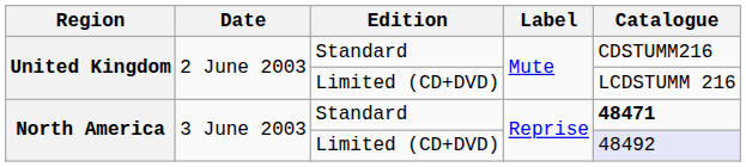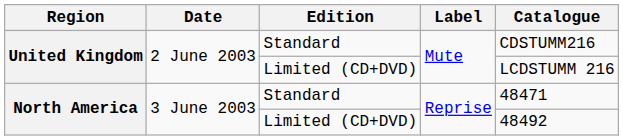 <table class="wikitable plainrowheaders">
 <tr>
 <th scope="col">Region</th>
 <th scope="col">Date</th>
 <th scope="col">Edition</th>
 <th scope="col">Label</th>
 <th scope="col">Catalogue</th>
 </tr>
 <tr>
 <th scope="row" rowspan="2">United Kingdom</th>
 <td rowspan="2">2 June 2003</td>
 <td>Standard</td>
 <td rowspan="2"><a href='#'>Mute</a></td>
 <td>CDSTUMM216</td>
 </tr>
 <tr>
 <td>Limited (CD+DVD)</td>
 <td>LCDSTUMM 216</td>
 </tr>
 <tr>
 <th scope="row" rowspan="2">North America</th>
 <td rowspan="2">3 June 2003</td>
 <td>Standard</td>
 <td rowspan="2"><a href='#'>Reprise</a></td>
-<td><strong>48471</strong></td>
+<td>48471</td>
 </tr>
 <tr>
 <td>Limited (CD+DVD)</td>
-<td style="background: lavender;">48492</td>
+<td>48492</td>
 </tr>
 </table>
